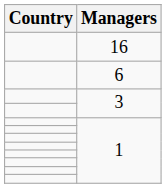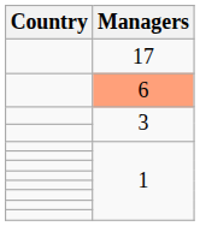 <table class="sortable wikitable" style="text-align: center">
 <tr>
 <th>Country</th>
 <th>Managers</th>
 </tr>
 <tr>
 <td align=left></td>
-<td>16</td>
+<td>17</td>
 </tr>
 <tr>
 <td align=left></td>
-<td>6</td>
+<td style="background: lightsalmon;">6</td>
 </tr>
 <tr>
 <td align=left></td>
 <td rowspan=2>3</td>
 </tr>
 <tr>
 <td align=left></td>
 </tr>
 <tr>
 <td align=left></td>
 <td rowspan=9>1</td>
 </tr>
 <tr>
 <td align=left></td>
 </tr>
 <tr>
 <td align=left></td>
 </tr>
 <tr>
 <td align=left></td>
 </tr>
 <tr>
 <td align=left></td>
 </tr>
 <tr>
 <td align=left></td>
 </tr>
 <tr>
 <td align=left></td>
 </tr>
 <tr>
 <td align=left></td>
 </tr>
 </table>
